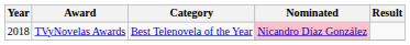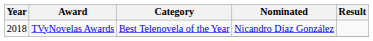 <table class="wikitable plainrowheaders">
 <tr>
 <th scope="col">Year</th>
 <th scope="col">Award</th>
 <th scope="col">Category</th>
 <th scope="col">Nominated</th>
 <th scope="col">Result</th>
 </tr>
 <tr>
 <td rowspan="2">2018</td>
 <td rowspan="2"><a href='#'>TVyNovelas Awards</a></td>
 <td><a href='#'>Best Telenovela of the Year</a></td>
-<td style="background: pink;"><a href='#'>Nicandro Díaz González</a></td>
+<td><a href='#'>Nicandro Díaz González</a></td>
 <td></td>
 </tr>
 <tr>
 </tr>
 </table>
